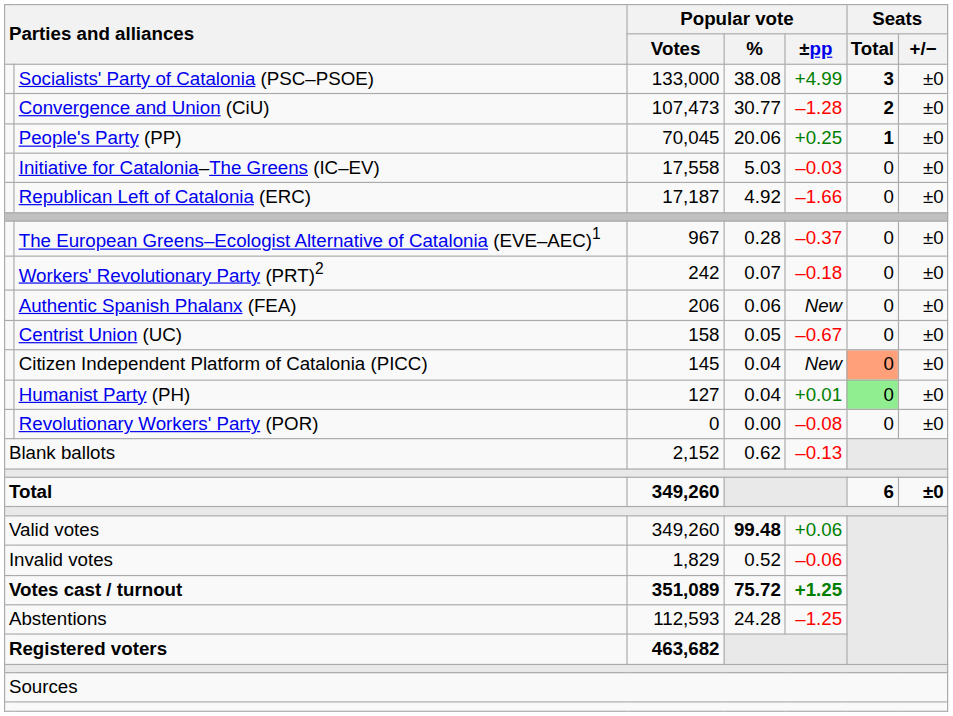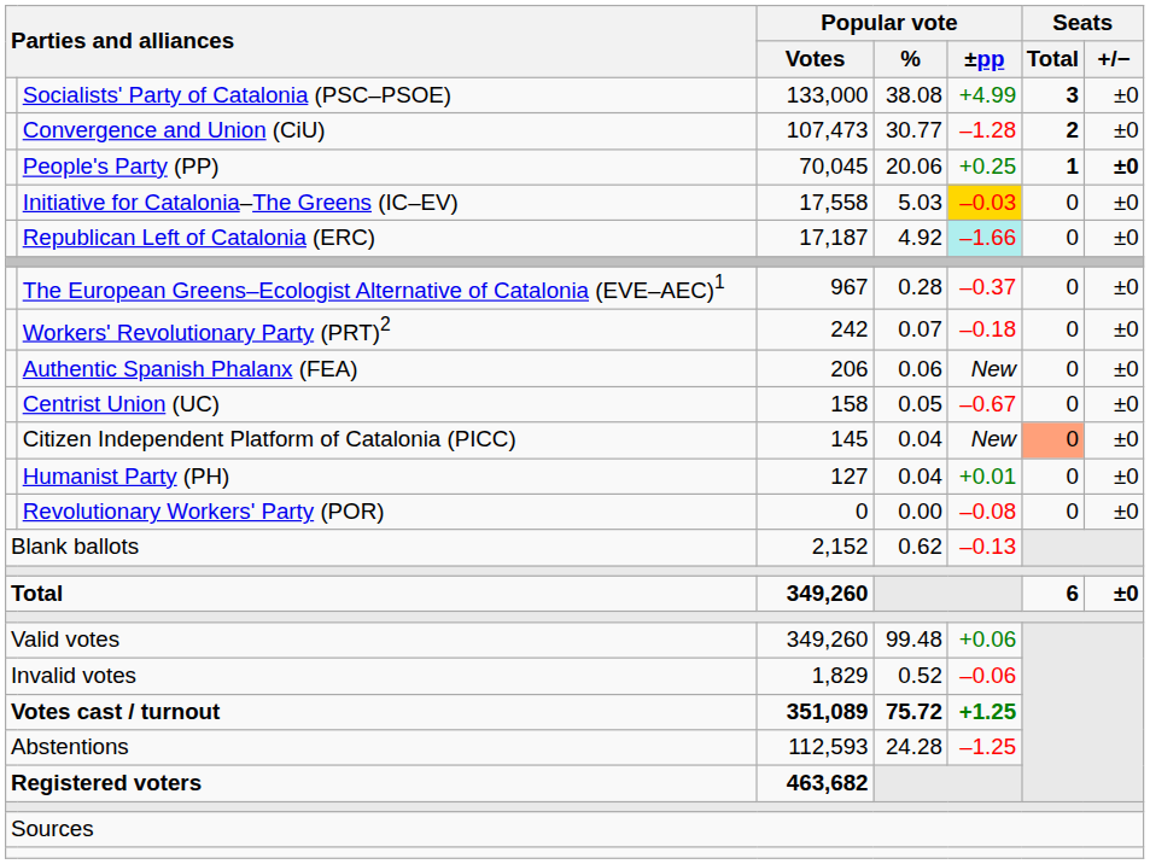 <table class="wikitable" style="text-align:right;">
 <tr>
 <th style="text-align:left;" rowspan="2" colspan="2" width="525">Parties and alliances</th>
 <th colspan="3">Popular vote</th>
 <th colspan="2">Seats</th>
 </tr>
 <tr>
 <th width="75">Votes</th>
 <th width="45">%</th>
 <th width="45">±<a href='#'>pp</a></th>
 <th width="35">Total</th>
 <th width="35">+/−</th>
 </tr>
 <tr>
 <td width="1" style="color:inherit;background:"></td>
 <td align="left"><a href='#'>Socialists' Party of Catalonia</a> (PSC–PSOE)</td>
 <td>133,000</td>
 <td>38.08</td>
 <td style="color:green;">+4.99</td>
 <td><strong>3</strong></td>
 <td>±0</td>
 </tr>
 <tr>
 <td style="color:inherit;background:"></td>
 <td align="left"><a href='#'>Convergence and Union</a> (CiU)</td>
 <td>107,473</td>
 <td>30.77</td>
 <td style="color:red;">–1.28</td>
 <td><strong>2</strong></td>
 <td>±0</td>
 </tr>
 <tr>
 <td style="color:inherit;background:"></td>
 <td align="left"><a href='#'>People's Party</a> (PP)</td>
 <td>70,045</td>
 <td>20.06</td>
 <td style="color:green;">+0.25</td>
 <td><strong>1</strong></td>
-<td>±0</td>
+<td><strong>±0</strong></td>
 </tr>
 <tr>
 <td style="color:inherit;background:"></td>
 <td align="left"><a href='#'>Initiative for Catalonia</a>–<a href='#'>The Greens</a> (IC–EV)</td>
 <td>17,558</td>
 <td>5.03</td>
-<td style="color:red;">–0.03</td>
+<td style="background: gold; color:red;">–0.03</td>
 <td>0</td>
 <td>±0</td>
 </tr>
 <tr>
 <td style="color:inherit;background:"></td>
 <td align="left"><a href='#'>Republican Left of Catalonia</a> (ERC)</td>
 <td>17,187</td>
 <td>4.92</td>
-<td style="color:red;">–1.66</td>
+<td style="background: paleturquoise; color:red;">–1.66</td>
 <td>0</td>
 <td>±0</td>
 </tr>
 <tr>
 <td colspan="7" bgcolor="#C0C0C0"></td>
 </tr>
 <tr>
 <td style="color:inherit;background:"></td>
 <td align="left"><a href='#'>The European Greens–Ecologist Alternative of Catalonia</a> (EVE–AEC)<sup>1</sup></td>
 <td>967</td>
 <td>0.28</td>
 <td style="color:red;">–0.37</td>
 <td>0</td>
 <td>±0</td>
 </tr>
 <tr>
 <td style="color:inherit;background:"></td>
 <td align="left"><a href='#'>Workers' Revolutionary Party</a> (PRT)<sup>2</sup></td>
 <td>242</td>
 <td>0.07</td>
 <td style="color:red;">–0.18</td>
 <td>0</td>
 <td>±0</td>
 </tr>
 <tr>
 <td style="color:inherit;background:"></td>
 <td align="left"><a href='#'>Authentic Spanish Phalanx</a> (FEA)</td>
 <td>206</td>
 <td>0.06</td>
 <td><em>New</em></td>
 <td>0</td>
 <td>±0</td>
 </tr>
 <tr>
 <td style="color:inherit;background:"></td>
 <td align="left"><a href='#'>Centrist Union</a> (UC)</td>
 <td>158</td>
 <td>0.05</td>
 <td style="color:red;">–0.67</td>
 <td>0</td>
 <td>±0</td>
 </tr>
 <tr>
 <td style="color:inherit;background:"></td>
 <td align="left">Citizen Independent Platform of Catalonia (PICC)</td>
 <td>145</td>
 <td>0.04</td>
 <td><em>New</em></td>
 <td style="background: lightsalmon;">0</td>
 <td>±0</td>
 </tr>
 <tr>
 <td style="color:inherit;background:"></td>
 <td align="left"><a href='#'>Humanist Party</a> (PH)</td>
 <td>127</td>
 <td>0.04</td>
 <td style="color:green;">+0.01</td>
-<td style="background: lightgreen;">0</td>
+<td>0</td>
 <td>±0</td>
 </tr>
 <tr>
 <td style="color:inherit;background:"></td>
 <td align="left"><a href='#'>Revolutionary Workers' Party</a> (POR)</td>
 <td>0</td>
 <td>0.00</td>
 <td style="color:red;">–0.08</td>
 <td>0</td>
 <td>±0</td>
 </tr>
 <tr>
 <td align="left" colspan="2">Blank ballots</td>
 <td>2,152</td>
 <td>0.62</td>
 <td style="color:red;">–0.13</td>
 <td bgcolor="#E9E9E9" colspan="2"></td>
 </tr>
 <tr>
 <td colspan="7" bgcolor="#E9E9E9"></td>
 </tr>
 <tr style="font-weight:bold;">
 <td align="left" colspan="2">Total</td>
 <td>349,260</td>
 <td bgcolor="#E9E9E9" colspan="2"></td>
 <td>6</td>
 <td>±0</td>
 </tr>
 <tr>
 <td colspan="7" bgcolor="#E9E9E9"></td>
 </tr>
 <tr>
 <td align="left" colspan="2">Valid votes</td>
 <td>349,260</td>
-<td><strong>99.48</strong></td>
+<td>99.48</td>
 <td style="color:green;">+0.06</td>
 <td bgcolor="#E9E9E9" colspan="2" rowspan="5"></td>
 </tr>
 <tr>
 <td align="left" colspan="2">Invalid votes</td>
 <td>1,829</td>
 <td>0.52</td>
 <td style="color:red;">–0.06</td>
 </tr>
 <tr style="font-weight:bold;">
 <td align="left" colspan="2">Votes cast / turnout</td>
 <td>351,089</td>
 <td>75.72</td>
 <td style="color:green;">+1.25</td>
 </tr>
 <tr>
 <td align="left" colspan="2">Abstentions</td>
 <td>112,593</td>
 <td>24.28</td>
 <td style="color:red;">–1.25</td>
 </tr>
 <tr style="font-weight:bold;">
 <td align="left" colspan="2">Registered voters</td>
 <td>463,682</td>
 <td bgcolor="#E9E9E9" colspan="2"></td>
 </tr>
 <tr>
 <td colspan="7" bgcolor="#E9E9E9"></td>
 </tr>
 <tr>
 <td align="left" colspan="7">Sources</td>
 </tr>
 <tr>
 <td colspan="7" style="text-align:left; max-width:790px;"></td>
 </tr>
 </table>
